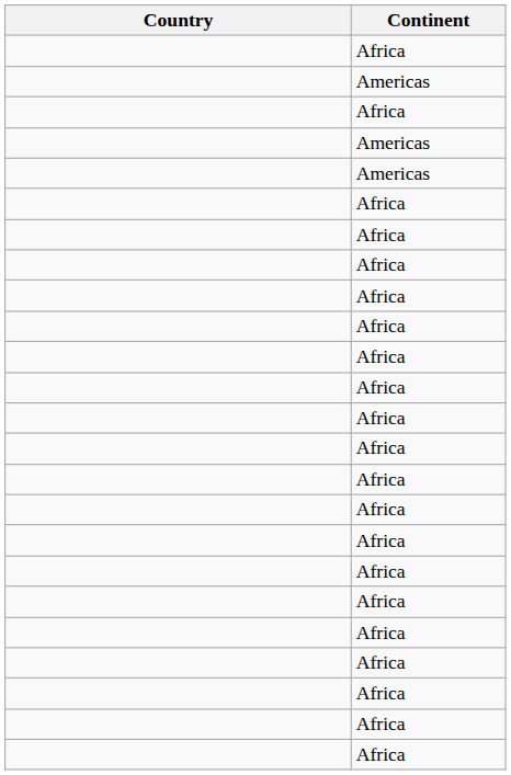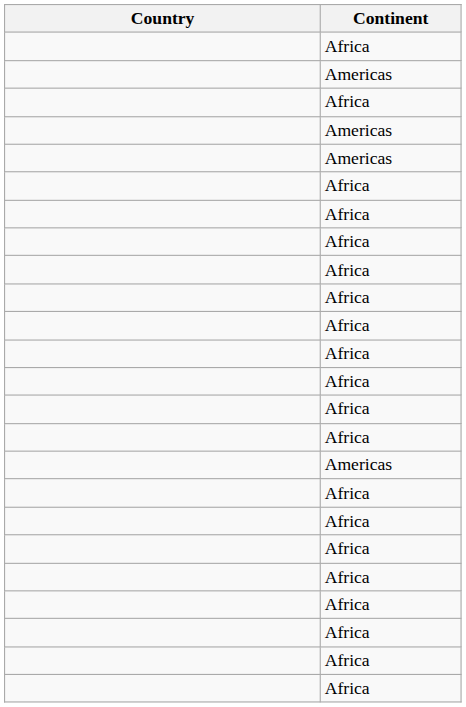 <table class="wikitable">
 <tr>
 <th style="width:280px;">Country</th>
 <th style="width:120px;">Continent</th>
 </tr>
 <tr>
 <td></td>
 <td>Africa</td>
 </tr>
 <tr>
 <td></td>
 <td>Americas</td>
 </tr>
 <tr>
 <td></td>
 <td>Africa</td>
 </tr>
 <tr>
 <td></td>
 <td>Americas</td>
 </tr>
 <tr>
 <td></td>
 <td>Americas</td>
 </tr>
 <tr>
 <td></td>
 <td>Africa</td>
 </tr>
 <tr>
 <td></td>
 <td>Africa</td>
 </tr>
 <tr>
 <td></td>
 <td>Africa</td>
 </tr>
 <tr>
 <td></td>
 <td>Africa</td>
 </tr>
 <tr>
 <td></td>
 <td>Africa</td>
 </tr>
 <tr>
 <td></td>
 <td>Africa</td>
 </tr>
 <tr>
 <td></td>
 <td>Africa</td>
 </tr>
 <tr>
 <td></td>
 <td>Africa</td>
 </tr>
 <tr>
 <td></td>
 <td>Africa</td>
 </tr>
 <tr>
 <td></td>
 <td>Africa</td>
 </tr>
 <tr>
 <td></td>
-<td>Africa</td>
+<td>Americas</td>
 </tr>
 <tr>
 <td></td>
 <td>Africa</td>
 </tr>
 <tr>
 <td></td>
 <td>Africa</td>
 </tr>
 <tr>
 <td></td>
 <td>Africa</td>
 </tr>
 <tr>
 <td></td>
 <td>Africa</td>
 </tr>
 <tr>
 <td></td>
 <td>Africa</td>
 </tr>
 <tr>
 <td></td>
 <td>Africa</td>
 </tr>
 <tr>
 <td></td>
 <td>Africa</td>
 </tr>
 <tr>
 <td></td>
 <td>Africa</td>
 </tr>
 </table>
